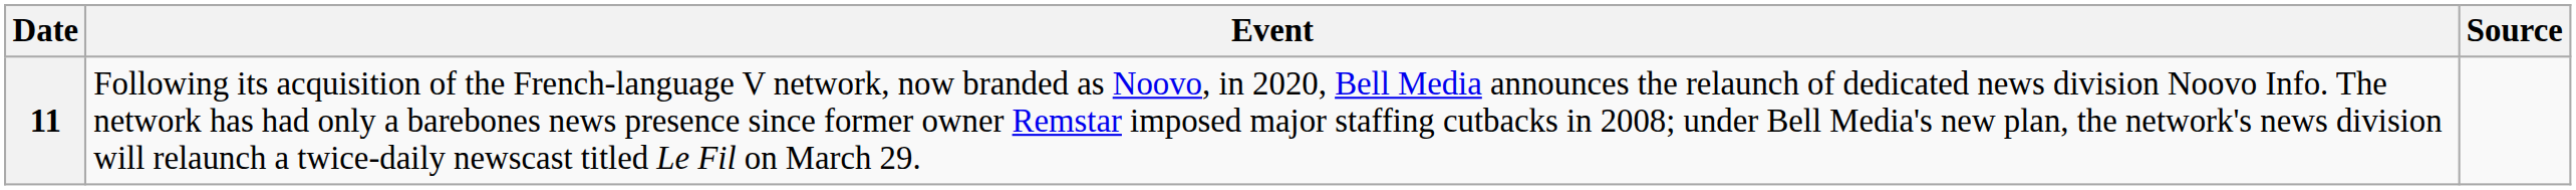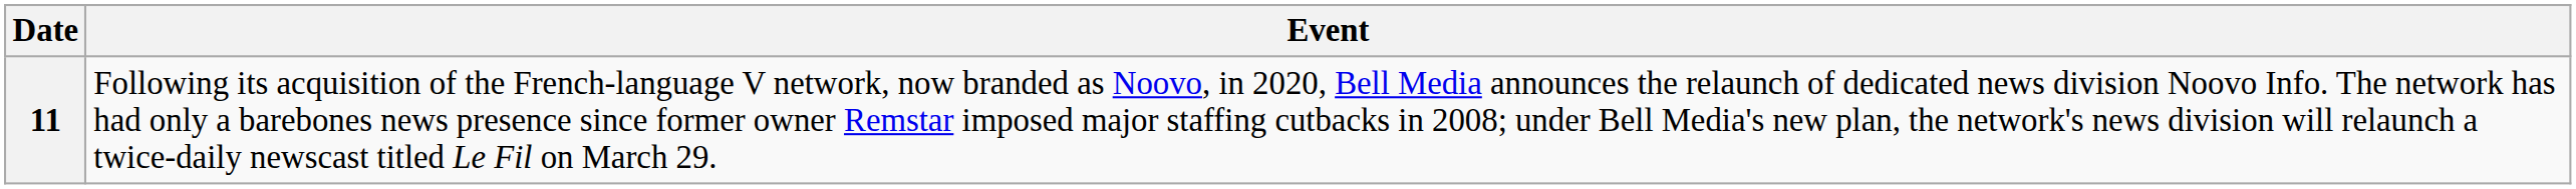 <table class="wikitable">
 <tr>
 <th>Date</th>
 <th>Event</th>
-<th>Source</th>
 </tr>
 <tr>
 <th>11</th>
 <td>Following its acquisition of the French-language V network, now branded as <a href='#'>Noovo</a>, in 2020, <a href='#'>Bell Media</a> announces the relaunch of dedicated news division Noovo Info. The network has had only a barebones news presence since former owner <a href='#'>Remstar</a> imposed major staffing cutbacks in 2008; under Bell Media's new plan, the network's news division will relaunch a twice-daily newscast titled <em>Le Fil</em> on March 29.</td>
-<td></td>
 </tr>
 </table>
